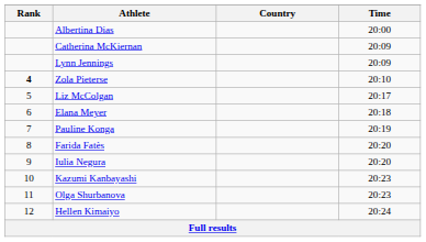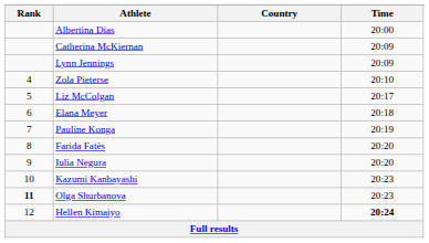 <table class="wikitable sortable" style=" text-align:center; font-size:95%;" width="50%">
 <tr>
 </tr>
 <tr>
 <th width=5%>Rank</th>
 <th width=20%>Athlete</th>
 <th width=15%>Country</th>
 <th width=10%>Time</th>
 </tr>
 <tr>
 <td align=center></td>
 <td align=left><a href='#'>Albertina Dias</a></td>
 <td align=left></td>
 <td>20:00</td>
 </tr>
 <tr>
 <td align=center></td>
 <td align=left><a href='#'>Catherina McKiernan</a></td>
 <td align=left></td>
 <td>20:09</td>
 </tr>
 <tr>
 <td align=center></td>
 <td align=left><a href='#'>Lynn Jennings</a></td>
 <td align=left></td>
 <td>20:09</td>
 </tr>
 <tr>
-<td align=center><strong>4</strong></td>
+<td align=center>4</td>
 <td align=left><a href='#'>Zola Pieterse</a></td>
 <td align=left></td>
 <td>20:10</td>
 </tr>
 <tr>
 <td align=center>5</td>
 <td align=left><a href='#'>Liz McColgan</a></td>
 <td align=left></td>
 <td>20:17</td>
 </tr>
 <tr>
 <td align=center>6</td>
 <td align=left><a href='#'>Elana Meyer</a></td>
 <td align=left></td>
 <td>20:18</td>
 </tr>
 <tr>
 <td align=center>7</td>
 <td align=left><a href='#'>Pauline Konga</a></td>
 <td align=left></td>
 <td>20:19</td>
 </tr>
 <tr>
 <td align=center>8</td>
 <td align=left><a href='#'>Farida Fatès</a></td>
 <td align=left></td>
 <td>20:20</td>
 </tr>
 <tr>
 <td align=center>9</td>
 <td align=left><a href='#'>Iulia Negura</a></td>
 <td align=left></td>
 <td>20:20</td>
 </tr>
 <tr>
 <td align=center>10</td>
 <td align=left><a href='#'>Kazumi Kanbayashi</a></td>
 <td align=left></td>
 <td>20:23</td>
 </tr>
 <tr>
-<td align=center>11</td>
+<td align=center><strong>11</strong></td>
 <td align=left><a href='#'>Olga Shurbanova</a></td>
 <td align=left></td>
 <td>20:23</td>
 </tr>
 <tr>
 <td align=center>12</td>
 <td align=left><a href='#'>Hellen Kimaiyo</a></td>
 <td align=left></td>
-<td>20:24</td>
+<td><strong>20:24</strong></td>
 </tr>
 <tr class="sortbottom">
 <th colspan=4 align=center><a href='#'>Full results</a></th>
 </tr>
 </table>
